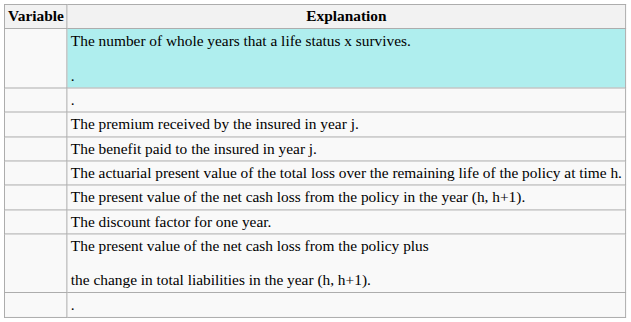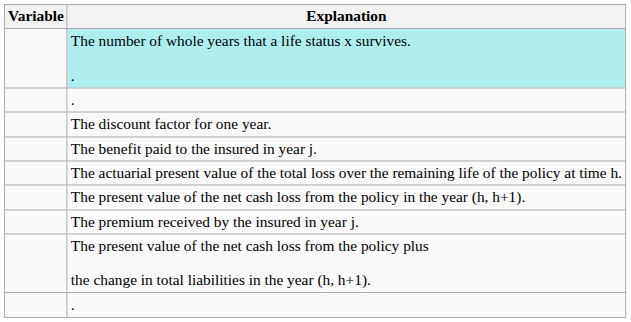 <table class="wikitable">
 <tr>
 <th>Variable</th>
 <th>Explanation</th>
 </tr>
 <tr>
 <td></td>
 <td style="background: paleturquoise;">The number of whole years that a life status x survives. <br><br>.</td>
 </tr>
 <tr>
 <td></td>
 <td>.</td>
 </tr>
 <tr>
 <td></td>
-<td>The premium received by the insured in year j.</td>
+<td>The discount factor for one year.</td>
 </tr>
 <tr>
 <td></td>
 <td>The benefit paid to the insured in year j.</td>
 </tr>
 <tr>
 <td></td>
 <td>The actuarial present value of the total loss over the remaining life of the policy at time h.</td>
 </tr>
 <tr>
 <td></td>
 <td>The present value of the net cash loss from the policy in the year (h, h+1).</td>
 </tr>
 <tr>
 <td></td>
-<td>The discount factor for one year.</td>
+<td>The premium received by the insured in year j.</td>
 </tr>
 <tr>
 <td></td>
 <td>The present value of the net cash loss from the policy plus <br><br>the change in total liabilities in the year (h, h+1).</td>
 </tr>
 <tr>
 <td></td>
 <td>.</td>
 </tr>
 </table>
